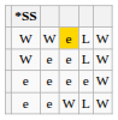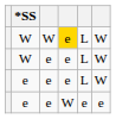 <table class="wikitable" style="text-align: center; float: left;">
 <tr>
 <th></th>
 <th>*SS</th>
 <th></th>
 <th></th>
 <th></th>
 <th></th>
 </tr>
 <tr>
 <th style="text-align: left;"></th>
 <td>W</td>
 <td>W</td>
 <td style="background: gold;">e</td>
 <td>L</td>
 <td>W</td>
 </tr>
 <tr>
 <th style="text-align: left;"></th>
 <td>W</td>
 <td>e</td>
 <td>e</td>
 <td>L</td>
 <td>W</td>
 </tr>
 <tr>
 <th style="text-align: left;"></th>
 <td>e</td>
 <td>e</td>
 <td>e</td>
-<td>e</td>
+<td>L</td>
 <td>W</td>
 </tr>
 <tr>
 <th style="text-align: left;"></th>
 <td>e</td>
 <td>e</td>
 <td>W</td>
-<td>L</td>
-<td>W</td>
+<td>e</td>
+<td>e</td>
 </tr>
 </table>
